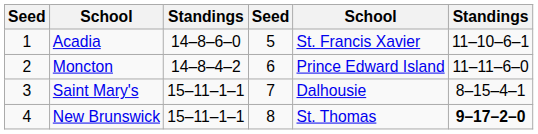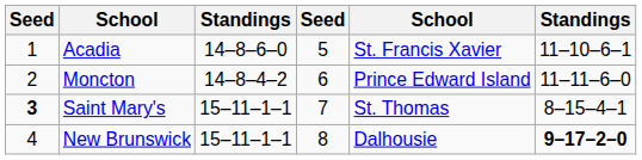 <table class="wikitable">
 <tr>
 <th>Seed</th>
 <th>School</th>
 <th>Standings</th>
 <th>Seed</th>
 <th>School</th>
 <th>Standings</th>
 </tr>
 <tr>
 <td align=center>1</td>
 <td><a href='#'>Acadia</a></td>
 <td align=center>14–8–6–0</td>
 <td align=center>5</td>
 <td><a href='#'>St. Francis Xavier</a></td>
 <td align=center>11–10–6–1</td>
 </tr>
 <tr>
 <td align=center>2</td>
 <td><a href='#'>Moncton</a></td>
 <td align=center>14–8–4–2</td>
 <td align=center>6</td>
 <td><a href='#'>Prince Edward Island</a></td>
 <td align=center>11–11–6–0</td>
 </tr>
 <tr>
-<td align=center>3</td>
+<td align=center><strong>3</strong></td>
 <td><a href='#'>Saint Mary's</a></td>
 <td align=center>15–11–1–1</td>
 <td align=center>7</td>
-<td><a href='#'>Dalhousie</a></td>
+<td><a href='#'>St. Thomas</a></td>
 <td align=center>8–15–4–1</td>
 </tr>
 <tr>
 <td align=center>4</td>
 <td><a href='#'>New Brunswick</a></td>
 <td align=center>15–11–1–1</td>
 <td align=center>8</td>
-<td><a href='#'>St. Thomas</a></td>
+<td><a href='#'>Dalhousie</a></td>
 <td align=center><strong>9–17–2–0</strong></td>
 </tr>
 </table>
